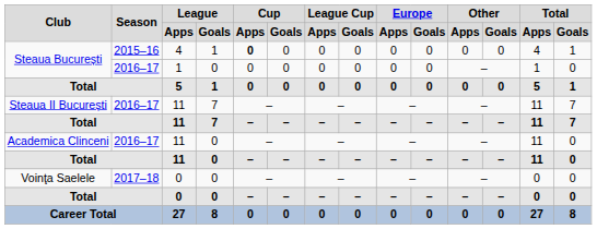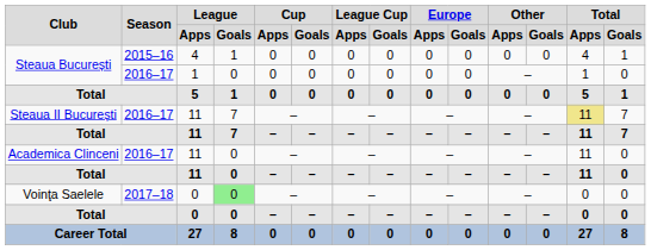 <table class="wikitable" style="text-align: center;">
 <tr>
 <th style="background: #DCDCDC; text-align: center" rowspan="2"><strong>Club</strong></th>
 <th style="background: #DCDCDC; text-align: center" rowspan="2"><strong>Season</strong></th>
 <th style="background: #DCDCDC; text-align: center" colspan="2"><strong>League</strong></th>
 <th style="background: #DCDCDC; text-align: center" colspan="2"><strong>Cup</strong></th>
 <th style="background: #DCDCDC; text-align: center" colspan="2"><strong>League Cup</strong></th>
 <th style="background: #DCDCDC; text-align: center" colspan="2"><a href='#'>Europe</a></th>
 <th style="background: #DCDCDC; text-align: center" colspan="2"><strong>Other</strong></th>
 <th style="background: #DCDCDC; text-align: center" colspan="3"><strong>Total</strong></th>
 </tr>
 <tr>
 <th style="background:#dcdcdc; text-align:center;">Apps</th>
 <th style="background:#dcdcdc; text-align:center;">Goals</th>
 <th style="background:#dcdcdc; text-align:center;">Apps</th>
 <th style="background:#dcdcdc; text-align:center;">Goals</th>
 <th style="background:#dcdcdc; text-align:center;">Apps</th>
 <th style="background:#dcdcdc; text-align:center;">Goals</th>
 <th style="background:#dcdcdc; text-align:center;">Apps</th>
 <th style="background:#dcdcdc; text-align:center;">Goals</th>
 <th style="background:#dcdcdc; text-align:center;">Apps</th>
 <th style="background:#dcdcdc; text-align:center;">Goals</th>
 <th style="background:#dcdcdc; text-align:center;">Apps</th>
 <th style="background:#dcdcdc; text-align:center;">Goals</th>
 </tr>
 <tr>
 <td rowspan="2"><a href='#'>Steaua București</a></td>
 <td><a href='#'>2015–16</a></td>
 <td>4</td>
 <td>1</td>
-<td><strong>0</strong></td>
+<td>0</td>
 <td>0</td>
 <td>0</td>
 <td>0</td>
 <td>0</td>
 <td>0</td>
 <td>0</td>
 <td>0</td>
 <td>4</td>
 <td>1</td>
 </tr>
 <tr>
 <td><a href='#'>2016–17</a></td>
 <td>1</td>
 <td>0</td>
 <td>0</td>
 <td>0</td>
 <td>0</td>
 <td>0</td>
 <td>0</td>
 <td>0</td>
 <td rowspan=1 colspan="2">–</td>
 <td>1</td>
 <td>0</td>
 </tr>
 <tr>
 <th style="background: #E5E5E5; text-align: center" colspan="2">Total</th>
 <th style="background:#e5e5e5; text-align:center;">5</th>
 <th style="background:#e5e5e5; text-align:center;">1</th>
 <th style="background:#e5e5e5; text-align:center;">0</th>
 <th style="background:#e5e5e5; text-align:center;">0</th>
 <th style="background:#e5e5e5; text-align:center;">0</th>
 <th style="background:#e5e5e5; text-align:center;">0</th>
 <th style="background:#e5e5e5; text-align:center;">0</th>
 <th style="background:#e5e5e5; text-align:center;">0</th>
 <th style="background:#e5e5e5; text-align:center;">0</th>
 <th style="background:#e5e5e5; text-align:center;">0</th>
 <th style="background:#e5e5e5; text-align:center;">5</th>
 <th style="background:#e5e5e5; text-align:center;">1</th>
 </tr>
 <tr>
 <td rowspan="1"><a href='#'>Steaua II București</a></td>
 <td><a href='#'>2016–17</a></td>
 <td>11</td>
 <td>7</td>
 <td rowspan=1 colspan="2">–</td>
 <td rowspan=1 colspan="2">–</td>
 <td rowspan=1 colspan="2">–</td>
 <td rowspan=1 colspan="2">–</td>
-<td>11</td>
+<td style="background: khaki;">11</td>
 <td>7</td>
 </tr>
 <tr>
 <th style="background: #E5E5E5; text-align: center" colspan="2">Total</th>
 <th style="background:#e5e5e5; text-align:center;">11</th>
 <th style="background:#e5e5e5; text-align:center;">7</th>
 <th style="background:#e5e5e5; text-align:center;">–</th>
 <th style="background:#e5e5e5; text-align:center;">–</th>
 <th style="background:#e5e5e5; text-align:center;">–</th>
 <th style="background:#e5e5e5; text-align:center;">–</th>
 <th style="background:#e5e5e5; text-align:center;">–</th>
 <th style="background:#e5e5e5; text-align:center;">–</th>
 <th style="background:#e5e5e5; text-align:center;">–</th>
 <th style="background:#e5e5e5; text-align:center;">–</th>
 <th style="background:#e5e5e5; text-align:center;">11</th>
 <th style="background:#e5e5e5; text-align:center;">7</th>
 </tr>
 <tr>
 <td rowspan="1"><a href='#'>Academica Clinceni</a></td>
 <td><a href='#'>2016–17</a></td>
 <td>11</td>
 <td>0</td>
 <td rowspan=1 colspan="2">–</td>
 <td rowspan=1 colspan="2">–</td>
 <td rowspan=1 colspan="2">–</td>
 <td rowspan=1 colspan="2">–</td>
 <td>11</td>
 <td>0</td>
 </tr>
 <tr>
 <th style="background: #E5E5E5; text-align: center" colspan="2">Total</th>
 <th style="background:#e5e5e5; text-align:center;">11</th>
 <th style="background:#e5e5e5; text-align:center;">0</th>
 <th style="background:#e5e5e5; text-align:center;">–</th>
 <th style="background:#e5e5e5; text-align:center;">–</th>
 <th style="background:#e5e5e5; text-align:center;">–</th>
 <th style="background:#e5e5e5; text-align:center;">–</th>
 <th style="background:#e5e5e5; text-align:center;">–</th>
 <th style="background:#e5e5e5; text-align:center;">–</th>
 <th style="background:#e5e5e5; text-align:center;">–</th>
 <th style="background:#e5e5e5; text-align:center;">–</th>
 <th style="background:#e5e5e5; text-align:center;">11</th>
 <th style="background:#e5e5e5; text-align:center;">0</th>
 </tr>
 <tr>
 <td rowspan="1">Voinţa Saelele</td>
 <td><a href='#'>2017–18</a></td>
 <td>0</td>
-<td>0</td>
+<td style="background: lightgreen;">0</td>
 <td rowspan=1 colspan="2">–</td>
 <td rowspan=1 colspan="2">–</td>
 <td rowspan=1 colspan="2">–</td>
 <td rowspan=1 colspan="2">–</td>
 <td>0</td>
 <td>0</td>
 </tr>
 <tr>
 <th style="background: #E5E5E5; text-align: center" colspan="2">Total</th>
 <th style="background:#e5e5e5; text-align:center;">0</th>
 <th style="background:#e5e5e5; text-align:center;">0</th>
 <th style="background:#e5e5e5; text-align:center;">–</th>
 <th style="background:#e5e5e5; text-align:center;">–</th>
 <th style="background:#e5e5e5; text-align:center;">–</th>
 <th style="background:#e5e5e5; text-align:center;">–</th>
 <th style="background:#e5e5e5; text-align:center;">–</th>
 <th style="background:#e5e5e5; text-align:center;">–</th>
 <th style="background:#e5e5e5; text-align:center;">–</th>
 <th style="background:#e5e5e5; text-align:center;">–</th>
 <th style="background:#e5e5e5; text-align:center;">0</th>
 <th style="background:#e5e5e5; text-align:center;">0</th>
 </tr>
 <tr>
 <th style="background: #b0c4de; text-align: center" colspan="2"><strong>Career Total</strong></th>
 <th style="background:#b0c4de; text-align:center;">27</th>
 <th style="background:#b0c4de; text-align:center;">8</th>
 <th style="background:#b0c4de; text-align:center;">0</th>
 <th style="background:#b0c4de; text-align:center;">0</th>
 <th style="background:#b0c4de; text-align:center;">0</th>
 <th style="background:#b0c4de; text-align:center;">0</th>
 <th style="background:#b0c4de; text-align:center;">0</th>
 <th style="background:#b0c4de; text-align:center;">0</th>
 <th style="background:#b0c4de; text-align:center;">0</th>
 <th style="background:#b0c4de; text-align:center;">0</th>
 <th style="background:#b0c4de; text-align:center;">27</th>
 <th style="background:#b0c4de; text-align:center;">8</th>
 </tr>
 </table>
